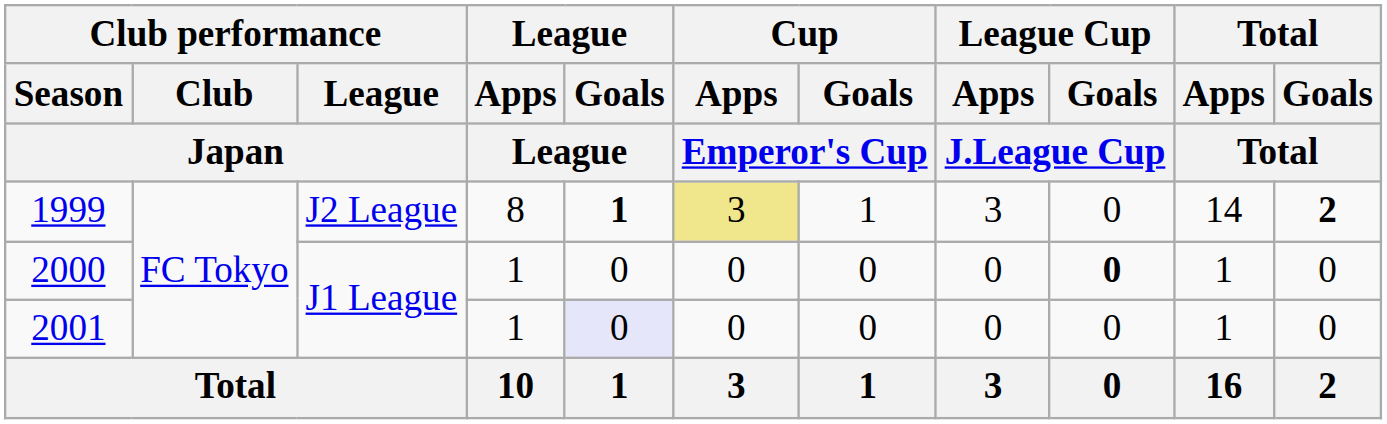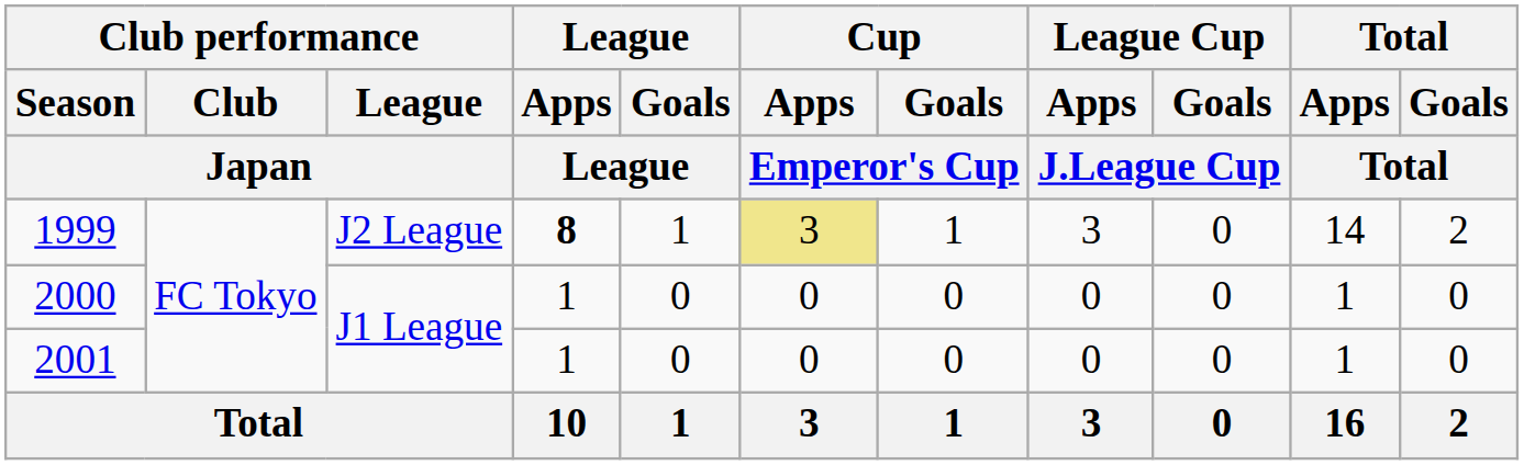 <table class="wikitable" style="text-align:center;">
 <tr>
 <th colspan=3>Club performance</th>
 <th colspan=2>League</th>
 <th colspan=2>Cup</th>
 <th colspan=2>League Cup</th>
 <th colspan=2>Total</th>
 </tr>
 <tr>
 <th>Season</th>
 <th>Club</th>
 <th>League</th>
 <th>Apps</th>
 <th>Goals</th>
 <th>Apps</th>
 <th>Goals</th>
 <th>Apps</th>
 <th>Goals</th>
 <th>Apps</th>
 <th>Goals</th>
 </tr>
 <tr>
 <th colspan=3>Japan</th>
 <th colspan=2>League</th>
 <th colspan=2><a href='#'>Emperor's Cup</a></th>
 <th colspan=2><a href='#'>J.League Cup</a></th>
 <th colspan=2>Total</th>
 </tr>
 <tr>
 <td><a href='#'>1999</a></td>
 <td rowspan="3"><a href='#'>FC Tokyo</a></td>
 <td><a href='#'>J2 League</a></td>
-<td>8</td>
-<td><strong>1</strong></td>
+<td><strong>8</strong></td>
+<td>1</td>
 <td style="background: khaki;">3</td>
 <td>1</td>
 <td>3</td>
 <td>0</td>
 <td>14</td>
-<td><strong>2</strong></td>
+<td>2</td>
 </tr>
 <tr>
 <td><a href='#'>2000</a></td>
 <td rowspan="2"><a href='#'>J1 League</a></td>
 <td>1</td>
 <td>0</td>
 <td>0</td>
 <td>0</td>
 <td>0</td>
-<td><strong>0</strong></td>
+<td>0</td>
 <td>1</td>
 <td>0</td>
 </tr>
 <tr>
 <td><a href='#'>2001</a></td>
 <td>1</td>
-<td style="background: lavender;">0</td>
+<td>0</td>
 <td>0</td>
 <td>0</td>
 <td>0</td>
 <td>0</td>
 <td>1</td>
 <td>0</td>
 </tr>
 <tr>
 <th colspan=3>Total</th>
 <th>10</th>
 <th>1</th>
 <th>3</th>
 <th>1</th>
 <th>3</th>
 <th>0</th>
 <th>16</th>
 <th>2</th>
 </tr>
 </table>
